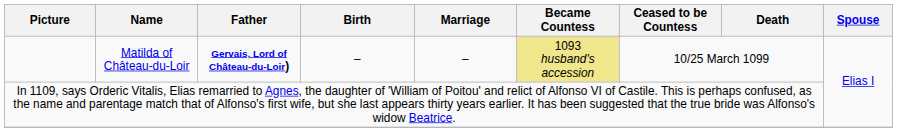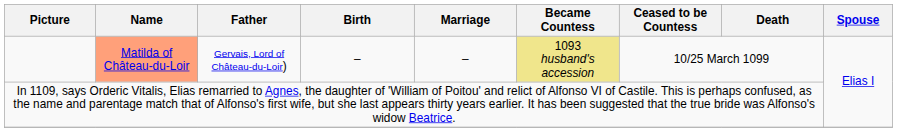 <table width=95% class="wikitable">
 <tr>
 <th width = "8%">Picture</th>
 <th width = "9%">Name</th>
 <th width = "9%">Father</th>
 <th width = "10%">Birth</th>
 <th width = "9%">Marriage</th>
 <th width = "9%">Became Countess</th>
 <th width = "9%">Ceased to be Countess</th>
 <th width = "9%">Death</th>
 <th width = "6%"><a href='#'>Spouse</a></th>
 </tr>
 <tr>
 <td align="center"></td>
-<td align="center"><a href='#'>Matilda of Château-du-Loir</a></td>
-<td align="center"><strong><small><a href='#'>Gervais, Lord of Château-du-Loir</a></small>)</strong></td>
+<td align="center" style="background: lightsalmon;"><a href='#'>Matilda of Château-du-Loir</a></td>
+<td align="center"><small><a href='#'>Gervais, Lord of Château-du-Loir</a></small>)</td>
 <td align="center">–</td>
 <td align="center">–</td>
 <td align="center" style="background: khaki;">1093<br><em>husband's accession</em></td>
 <td align="center" colspan="2">10/25 March 1099</td>
 <td align="center" rowspan="2"><a href='#'>Elias I</a></td>
 </tr>
 <tr>
 <td align="center" colspan="8">In 1109, says Orderic Vitalis, Elias remarried to <a href='#'>Agnes</a>, the daughter of 'William of Poitou' and relict of Alfonso VI of Castile. This is perhaps confused, as the name and parentage match that of Alfonso's first wife, but she last appears thirty years earlier. It has been suggested that the true bride was Alfonso's widow <a href='#'>Beatrice</a>.</td>
 </tr>
 <tr>
 </tr>
 </table>
